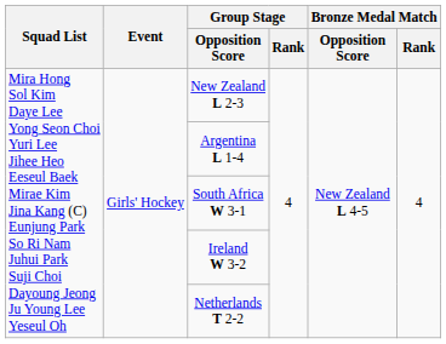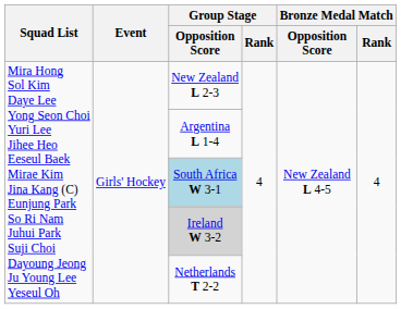 <table class=wikitable style="font-size:90%">
 <tr>
 <th rowspan=2>Squad List</th>
 <th rowspan=2>Event</th>
 <th colspan=2>Group Stage</th>
 <th colspan=2>Bronze Medal Match</th>
 </tr>
 <tr>
 <th>Opposition<br>Score</th>
 <th>Rank</th>
 <th>Opposition<br>Score</th>
 <th>Rank</th>
 </tr>
 <tr>
 <td rowspan=5><a href='#'>Mira Hong</a><br><a href='#'>Sol Kim</a><br><a href='#'>Daye Lee</a><br><a href='#'>Yong Seon Choi</a><br><a href='#'>Yuri Lee</a><br><a href='#'>Jihee Heo</a><br><a href='#'>Eeseul Baek</a><br><a href='#'>Mirae Kim</a><br><a href='#'>Jina Kang</a> (C)<br><a href='#'>Eunjung Park</a><br><a href='#'>So Ri Nam</a><br><a href='#'>Juhui Park</a><br><a href='#'>Suji Choi</a><br><a href='#'>Dayoung Jeong</a><br><a href='#'>Ju Young Lee</a><br><a href='#'>Yeseul Oh</a></td>
 <td rowspan=5><a href='#'>Girls' Hockey</a></td>
 <td align=center> <a href='#'>New Zealand</a><br> <strong>L</strong> 2-3</td>
 <td rowspan=5 align=center>4</td>
 <td rowspan=5 align=center> <a href='#'>New Zealand</a><br> <strong>L</strong> 4-5</td>
 <td rowspan=5 align=center>4</td>
 </tr>
 <tr>
 <td align=center> <a href='#'>Argentina</a><br> <strong>L</strong> 1-4</td>
 </tr>
 <tr>
-<td align=center> <a href='#'>South Africa</a><br> <strong>W</strong> 3-1</td>
+<td align=center style="background: lightblue;"> <a href='#'>South Africa</a><br> <strong>W</strong> 3-1</td>
 </tr>
 <tr>
-<td align=center> <a href='#'>Ireland</a><br> <strong>W</strong> 3-2</td>
+<td align=center style="background: lightgrey;"> <a href='#'>Ireland</a><br> <strong>W</strong> 3-2</td>
 </tr>
 <tr>
 <td align=center> <a href='#'>Netherlands</a><br> <strong>T</strong> 2-2</td>
 </tr>
 </table>
